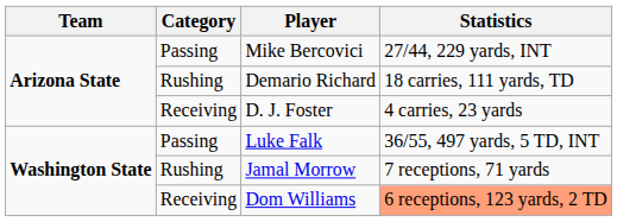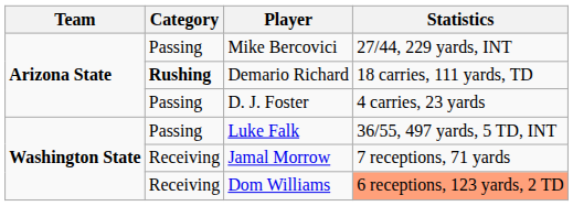 <table class="wikitable" style="float: right;">
 <tr>
 <th>Team</th>
 <th>Category</th>
 <th>Player</th>
 <th>Statistics</th>
 </tr>
 <tr>
 <td rowspan=3><strong>Arizona State</strong></td>
 <td>Passing</td>
 <td>Mike Bercovici</td>
 <td>27/44, 229 yards, INT</td>
 </tr>
 <tr>
-<td>Rushing</td>
+<td><strong>Rushing</strong></td>
 <td>Demario Richard</td>
 <td>18 carries, 111 yards, TD</td>
 </tr>
 <tr>
-<td>Receiving</td>
+<td>Passing</td>
 <td>D. J. Foster</td>
 <td>4 carries, 23 yards</td>
 </tr>
 <tr>
 <td rowspan=3><strong>Washington State</strong></td>
 <td>Passing</td>
 <td><a href='#'>Luke Falk</a></td>
 <td>36/55, 497 yards, 5 TD, INT</td>
 </tr>
 <tr>
-<td>Rushing</td>
+<td>Receiving</td>
 <td><a href='#'>Jamal Morrow</a></td>
 <td>7 receptions, 71 yards</td>
 </tr>
 <tr>
 <td>Receiving</td>
 <td><a href='#'>Dom Williams</a></td>
 <td style="background: lightsalmon;">6 receptions, 123 yards, 2 TD</td>
 </tr>
 </table>
